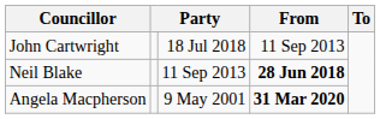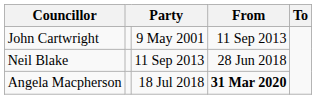 <table class=wikitable>
 <tr>
 <th>Councillor</th>
 <th colspan=2>Party</th>
 <th>From</th>
 <th>To</th>
 </tr>
 <tr>
 <td>John Cartwright</td>
 <td></td>
-<td align=right>18 Jul 2018</td>
+<td align=right>9 May 2001</td>
 <td align=right>11 Sep 2013</td>
 </tr>
 <tr>
 <td>Neil Blake</td>
 <td></td>
 <td align=right>11 Sep 2013</td>
-<td align=right><strong>28 Jun 2018</strong></td>
+<td align=right>28 Jun 2018</td>
 </tr>
 <tr>
 <td>Angela Macpherson</td>
 <td></td>
-<td align=right>9 May 2001</td>
+<td align=right>18 Jul 2018</td>
 <td align=right><strong>31 Mar 2020</strong></td>
 </tr>
 </table>
